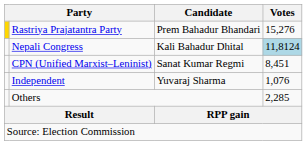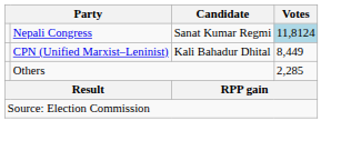 <table class="wikitable">
 <tr>
 <th colspan="2">Party</th>
 <th>Candidate</th>
 <th>Votes</th>
 </tr>
 <tr>
-<td style="background-color:gold"></td>
-<td><a href='#'>Rastriya Prajatantra Party</a></td>
-<td>Prem Bahadur Bhandari</td>
-<td>15,276</td>
-</tr>
-<tr>
 <td style="background-color:"></td>
 <td><a href='#'>Nepali Congress</a></td>
-<td>Kali Bahadur Dhital</td>
+<td>Sanat Kumar Regmi</td>
 <td style="background: lightblue;">11,8124</td>
 </tr>
 <tr>
 <td style="background-color:"></td>
 <td><a href='#'>CPN (Unified Marxist–Leninist)</a></td>
-<td>Sanat Kumar Regmi</td>
-<td>8,451</td>
-</tr>
-<tr>
-<td style="background-color:"></td>
-<td><a href='#'>Independent</a></td>
-<td>Yuvaraj Sharma</td>
-<td>1,076</td>
+<td>Kali Bahadur Dhital</td>
+<td>8,449</td>
 </tr>
 <tr>
 <td></td>
 <td colspan="2">Others</td>
 <td>2,285</td>
 </tr>
 <tr>
 <th colspan="2">Result</th>
 <th colspan="2">RPP gain</th>
 </tr>
 <tr>
 <td colspan="4">Source: Election Commission</td>
 </tr>
 </table>
